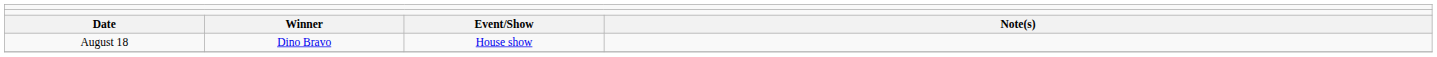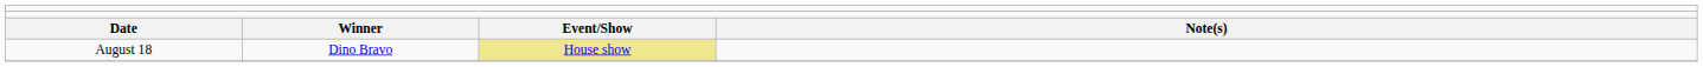 <table class="wikitable" style="text-align:center; width:100%;">
 <tr>
 <td colspan="5"></td>
 </tr>
 <tr>
 <td colspan="5"><strong></strong></td>
 </tr>
 <tr>
 <th width="14%">Date</th>
 <th width="14%">Winner</th>
 <th width="14%">Event/Show</th>
 <th width="58%">Note(s)</th>
 </tr>
 <tr>
 <td>August 18</td>
 <td><a href='#'>Dino Bravo</a></td>
-<td><a href='#'>House show</a></td>
+<td style="background: khaki;"><a href='#'>House show</a></td>
 <td align=left></td>
 </tr>
 <tr>
 </tr>
 </table>
